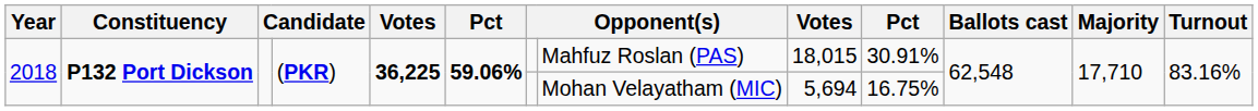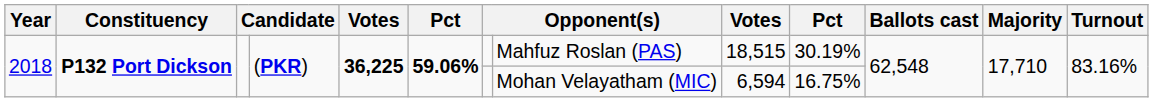 <table class="wikitable" style="margin:0.5em ; font-size:95%">
 <tr>
 <th>Year</th>
 <th>Constituency</th>
 <th colspan=2>Candidate</th>
 <th>Votes</th>
 <th>Pct</th>
 <th colspan=2>Opponent(s)</th>
 <th>Votes</th>
 <th>Pct</th>
 <th>Ballots cast</th>
 <th>Majority</th>
 <th>Turnout</th>
 </tr>
 <tr>
 <td rowspan=2><a href='#'>2018</a></td>
 <td rowspan=2><strong>P132 <a href='#'>Port Dickson</a></strong></td>
 <td rowspan=2 ></td>
 <td rowspan=2> (<a href='#'><strong>PKR</strong></a>)</td>
 <td rowspan=2 align=right><strong>36,225</strong></td>
 <td rowspan=2><strong>59.06%</strong></td>
 <td></td>
 <td>Mahfuz Roslan (<a href='#'>PAS</a>)</td>
-<td align=right>18,015</td>
-<td>30.91%</td>
+<td align=right>18,515</td>
+<td>30.19%</td>
 <td rowspan=2>62,548</td>
 <td rowspan=2>17,710</td>
 <td rowspan=2>83.16%</td>
 </tr>
 <tr>
 <td></td>
 <td>Mohan Velayatham (<a href='#'>MIC</a>)</td>
-<td align=right>5,694</td>
+<td align=right>6,594</td>
 <td>16.75%</td>
 </tr>
 </table>
